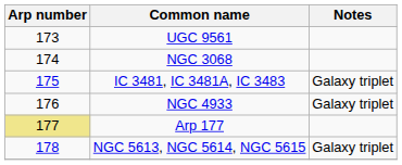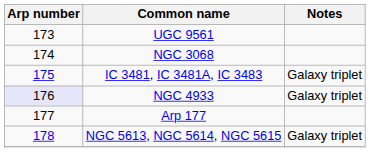 <table class="wikitable" style="text-align:center;">
 <tr>
 <th>Arp number</th>
 <th>Common name</th>
 <th>Notes</th>
 </tr>
 <tr>
 <td>173</td>
 <td><a href='#'>UGC 9561</a></td>
 <td></td>
 </tr>
 <tr>
 <td>174</td>
 <td><a href='#'>NGC 3068</a></td>
 <td></td>
 </tr>
 <tr>
 <td><a href='#'>175</a></td>
 <td><a href='#'>IC 3481</a>, <a href='#'>IC 3481A</a>, <a href='#'>IC 3483</a></td>
 <td>Galaxy triplet</td>
 </tr>
 <tr>
-<td>176</td>
+<td style="background: lavender;">176</td>
 <td><a href='#'>NGC 4933</a></td>
 <td>Galaxy triplet</td>
 </tr>
 <tr>
-<td style="background: khaki;">177</td>
+<td>177</td>
 <td><a href='#'>Arp 177</a></td>
 <td></td>
 </tr>
 <tr>
 <td><a href='#'>178</a></td>
 <td><a href='#'>NGC 5613</a>, <a href='#'>NGC 5614</a>, <a href='#'>NGC 5615</a></td>
 <td>Galaxy triplet</td>
 </tr>
 <tr>
 </tr>
 </table>
